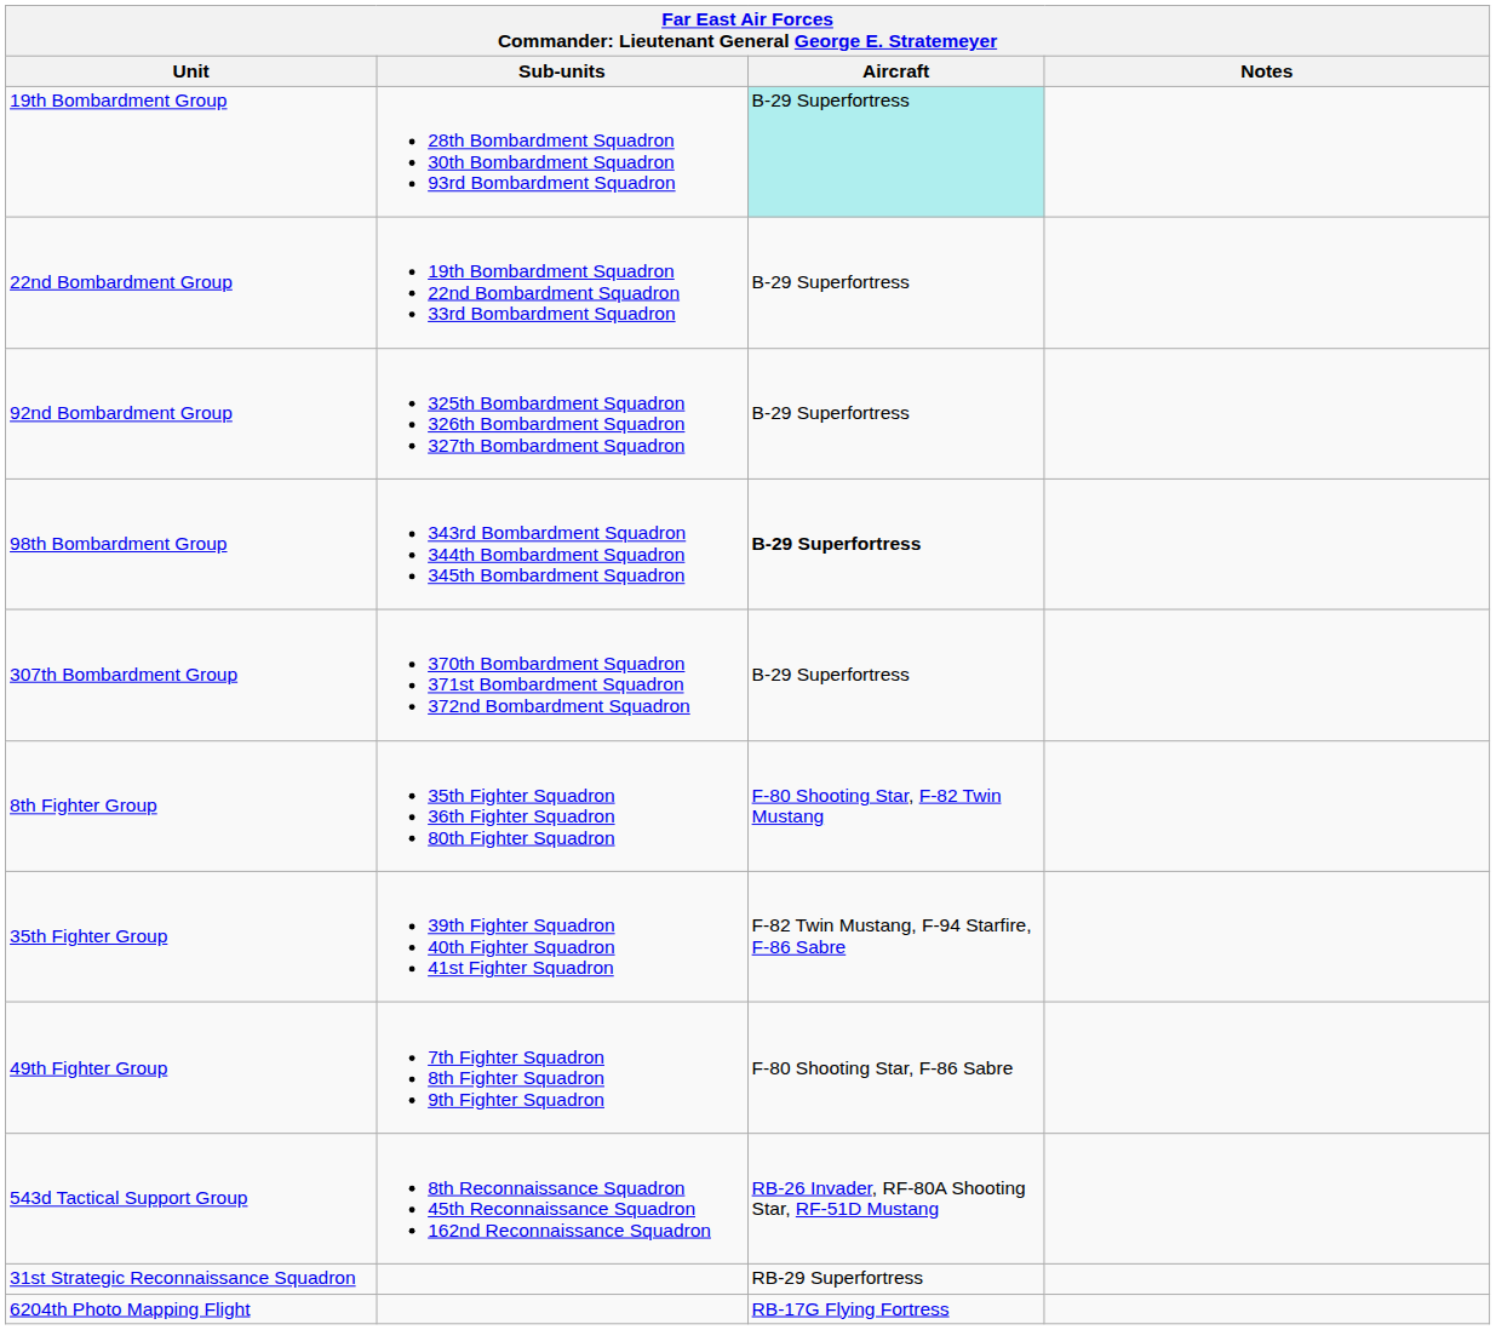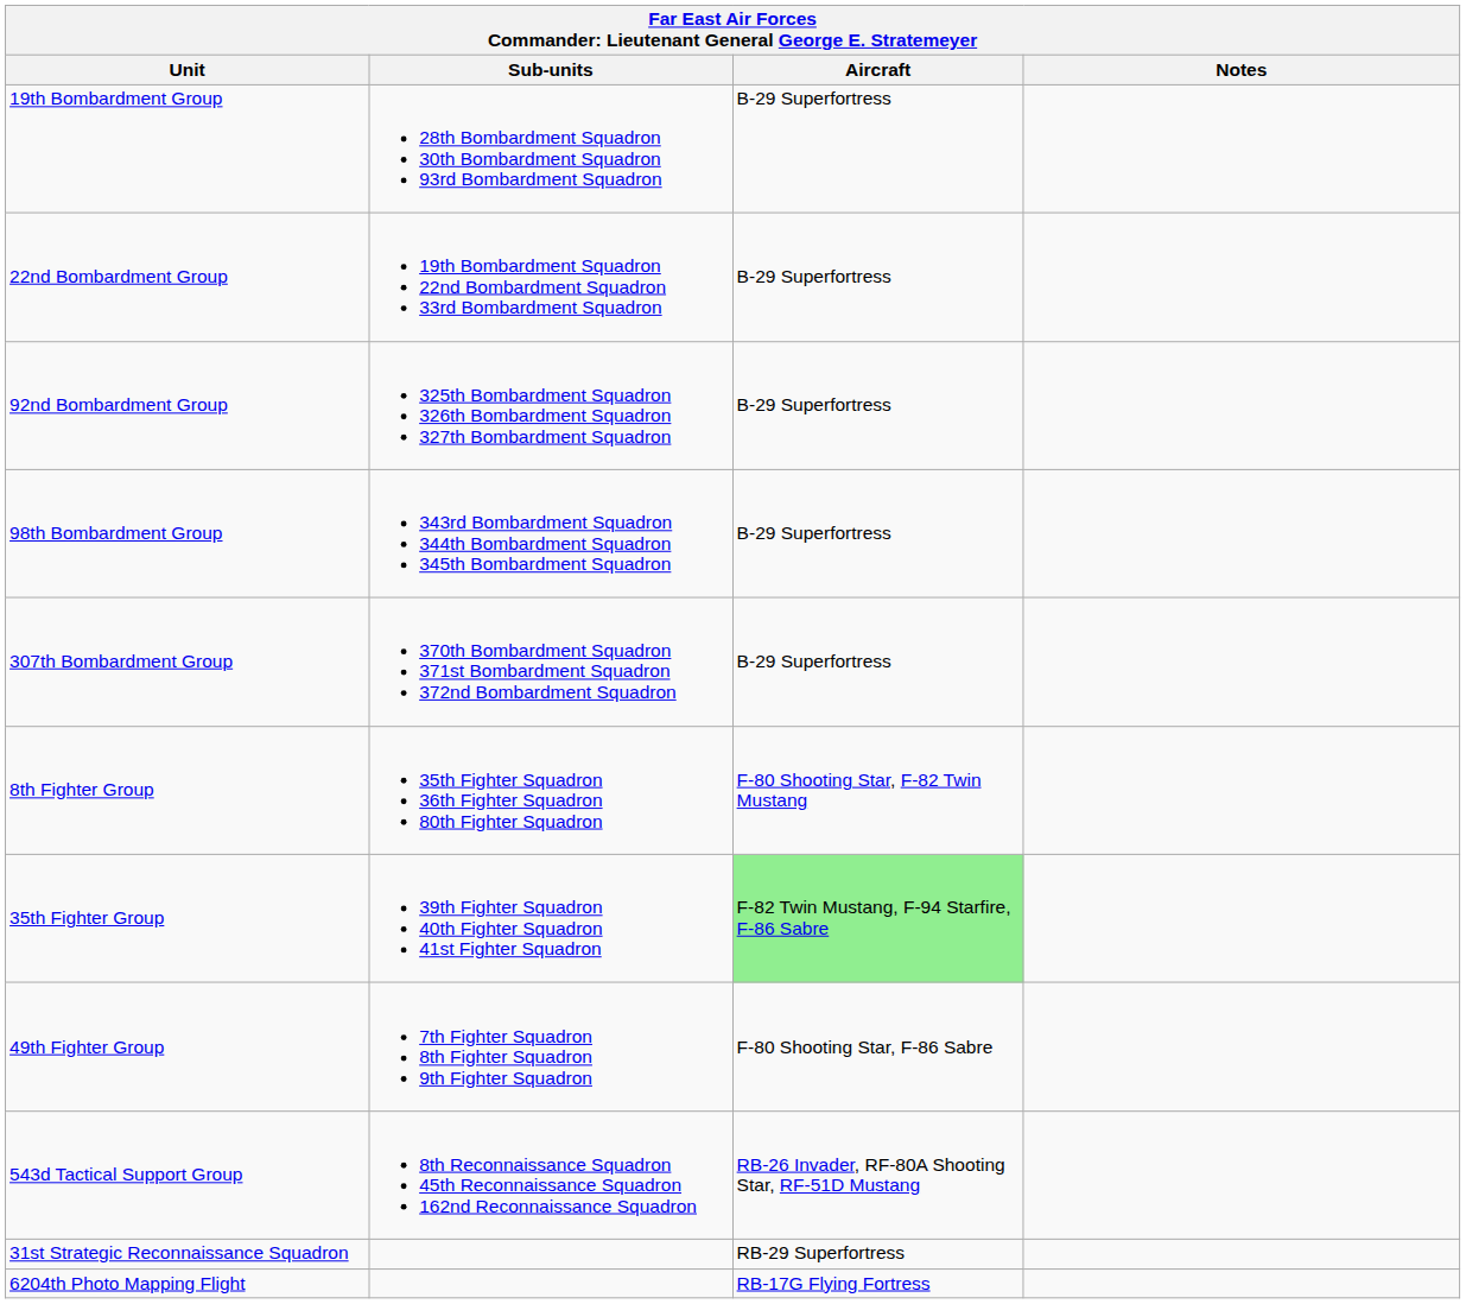 <table class="wikitable" width=100%>
 <tr valign="top">
 <th colspan="11" bgcolor="white"> <a href='#'>Far East Air Forces</a><br>Commander: Lieutenant General <a href='#'>George E. Stratemeyer</a></th>
 </tr>
 <tr valign="top"|- valign="top">
 <th width=25%; align= center>Unit</th>
 <th width=25%; align= center>Sub-units</th>
 <th width=20%; align= center>Aircraft</th>
 <th width=30%; align= center>Notes</th>
 </tr>
 <tr valign="top">
 <td> <a href='#'>19th Bombardment Group</a></td>
 <td><br><ul><li><a href='#'>28th Bombardment Squadron</a></li><li><a href='#'>30th Bombardment Squadron</a></li><li><a href='#'>93rd Bombardment Squadron</a></li></ul></td>
-<td style="background: paleturquoise;">B-29 Superfortress</td>
+<td>B-29 Superfortress</td>
 <td></td>
 </tr>
 <tr>
 <td> <a href='#'>22nd Bombardment Group</a></td>
 <td><br><ul><li><a href='#'>19th Bombardment Squadron</a></li><li><a href='#'>22nd Bombardment Squadron</a></li><li><a href='#'>33rd Bombardment Squadron</a></li></ul></td>
 <td>B-29 Superfortress</td>
 <td></td>
 </tr>
 <tr>
 <td> <a href='#'>92nd Bombardment Group</a></td>
 <td><br><ul><li><a href='#'>325th Bombardment Squadron</a></li><li><a href='#'>326th Bombardment Squadron</a></li><li><a href='#'>327th Bombardment Squadron</a></li></ul></td>
 <td>B-29 Superfortress</td>
 <td></td>
 </tr>
 <tr>
 <td> <a href='#'>98th Bombardment Group</a></td>
 <td><br><ul><li><a href='#'>343rd Bombardment Squadron</a></li><li><a href='#'>344th Bombardment Squadron</a></li><li><a href='#'>345th Bombardment Squadron</a></li></ul></td>
-<td><strong>B-29 Superfortress</strong></td>
+<td>B-29 Superfortress</td>
 <td></td>
 </tr>
 <tr>
 <td> <a href='#'>307th Bombardment Group</a></td>
 <td><br><ul><li><a href='#'>370th Bombardment Squadron</a></li><li><a href='#'>371st Bombardment Squadron</a></li><li><a href='#'>372nd Bombardment Squadron</a></li></ul></td>
 <td>B-29 Superfortress</td>
 <td></td>
 </tr>
 <tr>
 <td> <a href='#'>8th Fighter Group</a></td>
 <td><br><ul><li><a href='#'>35th Fighter Squadron</a></li><li><a href='#'>36th Fighter Squadron</a></li><li><a href='#'>80th Fighter Squadron</a></li></ul></td>
 <td><a href='#'>F-80 Shooting Star</a>, <a href='#'>F-82 Twin Mustang</a></td>
 <td></td>
 </tr>
 <tr>
 <td> <a href='#'>35th Fighter Group</a></td>
 <td><br><ul><li><a href='#'>39th Fighter Squadron</a></li><li><a href='#'>40th Fighter Squadron</a></li><li><a href='#'>41st Fighter Squadron</a></li></ul></td>
-<td>F-82 Twin Mustang, F-94 Starfire, <a href='#'>F-86 Sabre</a></td>
+<td style="background: lightgreen;">F-82 Twin Mustang, F-94 Starfire, <a href='#'>F-86 Sabre</a></td>
 <td></td>
 </tr>
 <tr>
 <td> <a href='#'>49th Fighter Group</a></td>
 <td><br><ul><li><a href='#'>7th Fighter Squadron</a></li><li><a href='#'>8th Fighter Squadron</a></li><li><a href='#'>9th Fighter Squadron</a></li></ul></td>
 <td>F-80 Shooting Star, F-86 Sabre</td>
 <td></td>
 </tr>
 <tr>
 <td> <a href='#'>543d Tactical Support Group</a></td>
 <td><br><ul><li><a href='#'>8th Reconnaissance Squadron</a></li><li><a href='#'>45th Reconnaissance Squadron</a></li><li><a href='#'>162nd Reconnaissance Squadron</a></li></ul></td>
 <td><a href='#'>RB-26 Invader</a>, RF-80A Shooting Star, <a href='#'>RF-51D Mustang</a></td>
 <td></td>
 </tr>
 <tr>
 <td> <a href='#'>31st Strategic Reconnaissance Squadron</a></td>
 <td></td>
 <td>RB-29 Superfortress</td>
 <td></td>
 </tr>
 <tr>
 <td> <a href='#'>6204th Photo Mapping Flight</a></td>
 <td></td>
 <td><a href='#'>RB-17G Flying Fortress</a></td>
 <td></td>
 </tr>
 </table>
